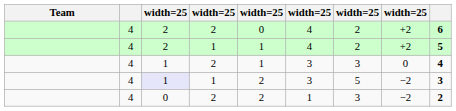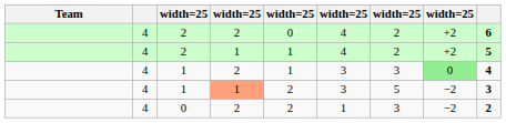 <table class="wikitable" style="text-align: center;">
 <tr>
 <th style="width:165px;">Team</th>
 <th width=25></th>
 <th>width=25</th>
 <th>width=25</th>
 <th>width=25</th>
 <th>width=25</th>
 <th>width=25</th>
 <th>width=25</th>
 <th width=25></th>
 </tr>
 <tr style="background:#cfc;">
 <td align="left"></td>
 <td>4</td>
 <td>2</td>
 <td>2</td>
 <td>0</td>
 <td>4</td>
 <td>2</td>
 <td>+2</td>
 <td><strong>6</strong></td>
 </tr>
 <tr style="background:#cfc;">
 <td align="left"></td>
 <td>4</td>
 <td>2</td>
 <td>1</td>
 <td>1</td>
 <td>4</td>
 <td>2</td>
 <td>+2</td>
 <td><strong>5</strong></td>
 </tr>
 <tr>
 <td align="left"></td>
 <td>4</td>
 <td>1</td>
 <td>2</td>
 <td>1</td>
 <td>3</td>
 <td>3</td>
-<td>0</td>
+<td style="background: lightgreen;">0</td>
 <td><strong>4</strong></td>
 </tr>
 <tr>
 <td align="left"></td>
 <td>4</td>
-<td style="background: lavender;">1</td>
 <td>1</td>
+<td style="background: lightsalmon;">1</td>
 <td>2</td>
 <td>3</td>
 <td>5</td>
 <td>−2</td>
 <td><strong>3</strong></td>
 </tr>
 <tr>
 <td align="left"></td>
 <td>4</td>
 <td>0</td>
 <td>2</td>
 <td>2</td>
 <td>1</td>
 <td>3</td>
 <td>−2</td>
 <td><strong>2</strong></td>
 </tr>
 </table>
